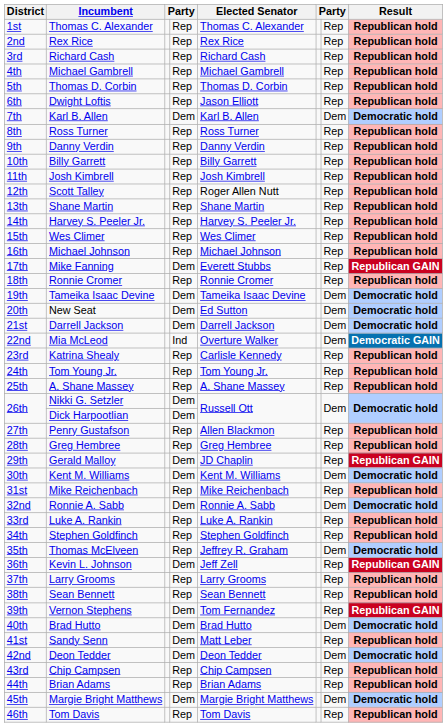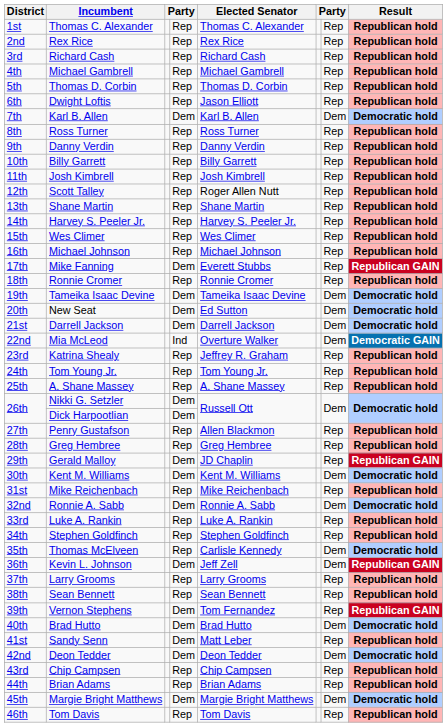 <table class="sortable wikitable" style="font-size:95%;line-height:14px;">
 <tr>
 <th class="unsortable">District</th>
 <th class="unsortable"><a href='#'>Incumbent</a></th>
 <th colspan="2">Party</th>
 <th class="unsortable">Elected Senator</th>
 <th colspan="2">Party</th>
 <th class="unsortable">Result</th>
 </tr>
 <tr>
 <td><a href='#'>1st</a></td>
 <td><a href='#'>Thomas C. Alexander</a></td>
 <td style="background:"></td>
 <td>Rep</td>
 <td><a href='#'>Thomas C. Alexander</a></td>
 <td style="background:"></td>
 <td>Rep</td>
 <td style="text-align:center; background:#FFB6B6"><strong>Republican hold</strong></td>
 </tr>
 <tr>
 <td><a href='#'>2nd</a></td>
 <td><a href='#'>Rex Rice</a></td>
 <td style="background:"></td>
 <td>Rep</td>
 <td><a href='#'>Rex Rice</a></td>
 <td style="background:"></td>
 <td>Rep</td>
 <td style="text-align:center; background:#FFB6B6"><strong>Republican hold</strong></td>
 </tr>
 <tr>
 <td><a href='#'>3rd</a></td>
 <td><a href='#'>Richard Cash</a></td>
 <td style="background:"></td>
 <td>Rep</td>
 <td><a href='#'>Richard Cash</a></td>
 <td style="background:"></td>
 <td>Rep</td>
 <td style="text-align:center; background:#FFB6B6"><strong>Republican hold</strong></td>
 </tr>
 <tr>
 <td><a href='#'>4th</a></td>
 <td><a href='#'>Michael Gambrell</a></td>
 <td style="background:"></td>
 <td>Rep</td>
 <td><a href='#'>Michael Gambrell</a></td>
 <td style="background:"></td>
 <td>Rep</td>
 <td style="text-align:center; background:#FFB6B6"><strong>Republican hold</strong></td>
 </tr>
 <tr>
 <td><a href='#'>5th</a></td>
 <td><a href='#'>Thomas D. Corbin</a></td>
 <td style="background:"></td>
 <td>Rep</td>
 <td><a href='#'>Thomas D. Corbin</a></td>
 <td style="background:"></td>
 <td>Rep</td>
 <td style="text-align:center; background:#FFB6B6"><strong>Republican hold</strong></td>
 </tr>
 <tr>
 <td><a href='#'>6th</a></td>
 <td><a href='#'>Dwight Loftis</a></td>
 <td style="background:"></td>
 <td>Rep</td>
 <td><a href='#'>Jason Elliott</a></td>
 <td style="background:"></td>
 <td>Rep</td>
 <td style="text-align:center; background:#FFB6B6"><strong>Republican hold</strong></td>
 </tr>
 <tr>
 <td><a href='#'>7th</a></td>
 <td><a href='#'>Karl B. Allen</a></td>
 <td style="background:"></td>
 <td>Dem</td>
 <td><a href='#'>Karl B. Allen</a></td>
 <td style="background:"></td>
 <td>Dem</td>
 <td style="text-align:center; background:#B0CEFF"><strong>Democratic hold</strong></td>
 </tr>
 <tr>
 <td><a href='#'>8th</a></td>
 <td><a href='#'>Ross Turner</a></td>
 <td style="background:"></td>
 <td>Rep</td>
 <td><a href='#'>Ross Turner</a></td>
 <td style="background:"></td>
 <td>Rep</td>
 <td style="text-align:center; background:#FFB6B6"><strong>Republican hold</strong></td>
 </tr>
 <tr>
 <td><a href='#'>9th</a></td>
 <td><a href='#'>Danny Verdin</a></td>
 <td style="background:"></td>
 <td>Rep</td>
 <td><a href='#'>Danny Verdin</a></td>
 <td style="background:"></td>
 <td>Rep</td>
 <td style="text-align:center; background:#FFB6B6"><strong>Republican hold</strong></td>
 </tr>
 <tr>
 <td><a href='#'>10th</a></td>
 <td><a href='#'>Billy Garrett</a></td>
 <td style="background:"></td>
 <td>Rep</td>
 <td><a href='#'>Billy Garrett</a></td>
 <td style="background:"></td>
 <td>Rep</td>
 <td style="text-align:center; background:#FFB6B6"><strong>Republican hold</strong></td>
 </tr>
 <tr>
 <td><a href='#'>11th</a></td>
 <td><a href='#'>Josh Kimbrell</a></td>
 <td style="background:"></td>
 <td>Rep</td>
 <td><a href='#'>Josh Kimbrell</a></td>
 <td style="background:"></td>
 <td>Rep</td>
 <td style="text-align:center; background:#FFB6B6"><strong>Republican hold</strong></td>
 </tr>
 <tr>
 <td><a href='#'>12th</a></td>
 <td><a href='#'>Scott Talley</a></td>
 <td style="background:"></td>
 <td>Rep</td>
 <td>Roger Allen Nutt</td>
 <td style="background:"></td>
 <td>Rep</td>
 <td style="text-align:center; background:#FFB6B6"><strong>Republican hold</strong></td>
 </tr>
 <tr>
 <td><a href='#'>13th</a></td>
 <td><a href='#'>Shane Martin</a></td>
 <td style="background:"></td>
 <td>Rep</td>
 <td><a href='#'>Shane Martin</a></td>
 <td style="background:"></td>
 <td>Rep</td>
 <td style="text-align:center; background:#FFB6B6"><strong>Republican hold</strong></td>
 </tr>
 <tr>
 <td><a href='#'>14th</a></td>
 <td><a href='#'>Harvey S. Peeler Jr.</a></td>
 <td style="background:"></td>
 <td>Rep</td>
 <td><a href='#'>Harvey S. Peeler Jr.</a></td>
 <td style="background:"></td>
 <td>Rep</td>
 <td style="text-align:center; background:#FFB6B6"><strong>Republican hold</strong></td>
 </tr>
 <tr>
 <td><a href='#'>15th</a></td>
 <td><a href='#'>Wes Climer</a></td>
 <td style="background:"></td>
 <td>Rep</td>
 <td><a href='#'>Wes Climer</a></td>
 <td style="background:"></td>
 <td>Rep</td>
 <td style="text-align:center; background:#FFB6B6"><strong>Republican hold</strong></td>
 </tr>
 <tr>
 <td><a href='#'>16th</a></td>
 <td><a href='#'>Michael Johnson</a></td>
 <td style="background:"></td>
 <td>Rep</td>
 <td><a href='#'>Michael Johnson</a></td>
 <td style="background:"></td>
 <td>Rep</td>
 <td style="text-align:center; background:#FFB6B6"><strong>Republican hold</strong></td>
 </tr>
 <tr>
 <td><a href='#'>17th</a></td>
 <td><a href='#'>Mike Fanning</a></td>
 <td style="background:"></td>
 <td>Dem</td>
 <td><a href='#'>Everett Stubbs</a></td>
 <td style="background:"></td>
 <td>Rep</td>
 <td style="text-align:center; background:#CA0120; color:white"><strong>Republican GAIN</strong></td>
 </tr>
 <tr>
 <td><a href='#'>18th</a></td>
 <td><a href='#'>Ronnie Cromer</a></td>
 <td style="background:"></td>
 <td>Rep</td>
 <td><a href='#'>Ronnie Cromer</a></td>
 <td style="background:"></td>
 <td>Rep</td>
 <td style="text-align:center; background:#FFB6B6"><strong>Republican hold</strong></td>
 </tr>
 <tr>
 <td><a href='#'>19th</a></td>
 <td><a href='#'>Tameika Isaac Devine</a></td>
 <td style="background:"></td>
 <td>Dem</td>
 <td><a href='#'>Tameika Isaac Devine</a></td>
 <td style="background:"></td>
 <td>Dem</td>
 <td style="text-align:center; background:#B0CEFF"><strong>Democratic hold</strong></td>
 </tr>
 <tr>
 <td><a href='#'>20th</a></td>
 <td>New Seat</td>
 <td style="background:"></td>
 <td>Dem</td>
 <td><a href='#'>Ed Sutton</a></td>
 <td style="background:"></td>
 <td>Dem</td>
 <td style="text-align:center; background:#B0CEFF"><strong>Democratic hold</strong></td>
 </tr>
 <tr>
 <td><a href='#'>21st</a></td>
 <td><a href='#'>Darrell Jackson</a></td>
 <td style="background:"></td>
 <td>Dem</td>
 <td><a href='#'>Darrell Jackson</a></td>
 <td style="background:"></td>
 <td>Dem</td>
 <td style="text-align:center; background:#B0CEFF"><strong>Democratic hold</strong></td>
 </tr>
 <tr>
 <td><a href='#'>22nd</a></td>
 <td><a href='#'>Mia McLeod</a></td>
 <td style="background:"></td>
 <td>Ind</td>
 <td><a href='#'>Overture Walker</a></td>
 <td style="background:"></td>
 <td>Dem</td>
 <td style="text-align:center; background:#0671B0; color:white"><strong>Democratic GAIN</strong></td>
 </tr>
 <tr>
 <td><a href='#'>23rd</a></td>
 <td><a href='#'>Katrina Shealy</a></td>
 <td style="background:"></td>
 <td>Rep</td>
-<td><a href='#'>Carlisle Kennedy</a> </td>
+<td><a href='#'>Jeffrey R. Graham</a></td>
 <td style="background:"></td>
 <td>Rep</td>
 <td style="text-align:center; background:#FFB6B6"><strong>Republican hold</strong></td>
 </tr>
 <tr>
 <td><a href='#'>24th</a></td>
 <td><a href='#'>Tom Young Jr.</a></td>
 <td style="background:"></td>
 <td>Rep</td>
 <td><a href='#'>Tom Young Jr.</a></td>
 <td style="background:"></td>
 <td>Rep</td>
 <td style="text-align:center; background:#FFB6B6"><strong>Republican hold</strong></td>
 </tr>
 <tr>
 <td><a href='#'>25th</a></td>
 <td><a href='#'>A. Shane Massey</a></td>
 <td style="background:"></td>
 <td>Rep</td>
 <td><a href='#'>A. Shane Massey</a></td>
 <td style="background:"></td>
 <td>Rep</td>
 <td style="text-align:center; background:#FFB6B6"><strong>Republican hold</strong></td>
 </tr>
 <tr>
 <td rowspan="2"><a href='#'>26th</a></td>
 <td><a href='#'>Nikki G. Setzler</a></td>
 <td style="background:"></td>
 <td>Dem</td>
 <td rowspan="2"><a href='#'>Russell Ott</a></td>
 <td rowspan="2" style="background:"></td>
 <td rowspan="2">Dem</td>
 <td rowspan="2" style="text-align:center; background:#B0CEFF"><strong>Democratic hold</strong></td>
 </tr>
 <tr>
 <td><a href='#'>Dick Harpootlian</a> </td>
 <td style="background:"></td>
 <td>Dem</td>
 </tr>
 <tr>
 <td><a href='#'>27th</a></td>
 <td><a href='#'>Penry Gustafson</a></td>
 <td style="background:"></td>
 <td>Rep</td>
 <td><a href='#'>Allen Blackmon</a></td>
 <td style="background:"></td>
 <td>Rep</td>
 <td style="text-align:center; background:#FFB6B6"><strong>Republican hold</strong></td>
 </tr>
 <tr>
 <td><a href='#'>28th</a></td>
 <td><a href='#'>Greg Hembree</a></td>
 <td style="background:"></td>
 <td>Rep</td>
 <td><a href='#'>Greg Hembree</a></td>
 <td style="background:"></td>
 <td>Rep</td>
 <td style="text-align:center; background:#FFB6B6"><strong>Republican hold</strong></td>
 </tr>
 <tr>
 <td><a href='#'>29th</a></td>
 <td><a href='#'>Gerald Malloy</a></td>
 <td style="background:"></td>
 <td>Dem</td>
 <td><a href='#'>JD Chaplin</a></td>
 <td style="background:"></td>
 <td>Rep</td>
 <td style="text-align:center; background:#CA0120; color:white"><strong>Republican GAIN</strong></td>
 </tr>
 <tr>
 <td><a href='#'>30th</a></td>
 <td><a href='#'>Kent M. Williams</a></td>
 <td style="background:"></td>
 <td>Dem</td>
 <td><a href='#'>Kent M. Williams</a></td>
 <td style="background:"></td>
 <td>Dem</td>
 <td style="text-align:center; background:#B0CEFF"><strong>Democratic hold</strong></td>
 </tr>
 <tr>
 <td><a href='#'>31st</a></td>
 <td><a href='#'>Mike Reichenbach</a></td>
 <td style="background:"></td>
 <td>Rep</td>
 <td><a href='#'>Mike Reichenbach</a></td>
 <td style="background:"></td>
 <td>Rep</td>
 <td style="text-align:center; background:#FFB6B6"><strong>Republican hold</strong></td>
 </tr>
 <tr>
 <td><a href='#'>32nd</a></td>
 <td><a href='#'>Ronnie A. Sabb</a></td>
 <td style="background:"></td>
 <td>Dem</td>
 <td><a href='#'>Ronnie A. Sabb</a></td>
 <td style="background:"></td>
 <td>Dem</td>
 <td style="text-align:center; background:#B0CEFF"><strong>Democratic hold</strong></td>
 </tr>
 <tr>
 <td><a href='#'>33rd</a></td>
 <td><a href='#'>Luke A. Rankin</a></td>
 <td style="background:"></td>
 <td>Rep</td>
 <td><a href='#'>Luke A. Rankin</a></td>
 <td style="background:"></td>
 <td>Rep</td>
 <td style="text-align:center; background:#FFB6B6"><strong>Republican hold</strong></td>
 </tr>
 <tr>
 <td><a href='#'>34th</a></td>
 <td><a href='#'>Stephen Goldfinch</a></td>
 <td style="background:"></td>
 <td>Rep</td>
 <td><a href='#'>Stephen Goldfinch</a></td>
 <td style="background:"></td>
 <td>Rep</td>
 <td style="text-align:center; background:#FFB6B6"><strong>Republican hold</strong></td>
 </tr>
 <tr>
 <td><a href='#'>35th</a></td>
 <td><a href='#'>Thomas McElveen</a></td>
 <td style="background:"></td>
 <td>Rep</td>
-<td><a href='#'>Jeffrey R. Graham</a></td>
+<td><a href='#'>Carlisle Kennedy</a> </td>
 <td style="background:"></td>
 <td>Dem</td>
 <td style="text-align:center; background:#B0CEFF"><strong>Democratic hold</strong></td>
 </tr>
 <tr>
 <td><a href='#'>36th</a></td>
 <td><a href='#'>Kevin L. Johnson</a></td>
 <td style="background:"></td>
 <td>Dem</td>
 <td><a href='#'>Jeff Zell</a></td>
 <td style="background:"></td>
-<td>Rep</td>
+<td>Dem</td>
 <td style="text-align:center; background:#CA0120; color:white"><strong>Republican GAIN</strong></td>
 </tr>
 <tr>
 <td><a href='#'>37th</a></td>
 <td><a href='#'>Larry Grooms</a></td>
 <td style="background:"></td>
 <td>Rep</td>
 <td><a href='#'>Larry Grooms</a></td>
 <td style="background:"></td>
 <td>Rep</td>
 <td style="text-align:center; background:#FFB6B6"><strong>Republican hold</strong></td>
 </tr>
 <tr>
 <td><a href='#'>38th</a></td>
 <td><a href='#'>Sean Bennett</a></td>
 <td style="background:"></td>
 <td>Rep</td>
 <td><a href='#'>Sean Bennett</a></td>
 <td style="background:"></td>
 <td>Rep</td>
 <td style="text-align:center; background:#FFB6B6"><strong>Republican hold</strong></td>
 </tr>
 <tr>
 <td><a href='#'>39th</a></td>
 <td><a href='#'>Vernon Stephens</a></td>
 <td style="background:"></td>
 <td>Dem</td>
 <td><a href='#'>Tom Fernandez</a></td>
 <td style="background:"></td>
 <td>Rep</td>
 <td style="text-align:center; background:#CA0120; color:white"><strong>Republican GAIN</strong></td>
 </tr>
 <tr>
 <td><a href='#'>40th</a></td>
 <td><a href='#'>Brad Hutto</a></td>
 <td style="background:"></td>
 <td>Dem</td>
 <td><a href='#'>Brad Hutto</a></td>
 <td style="background:"></td>
 <td>Dem</td>
 <td style="text-align:center; background:#B0CEFF"><strong>Democratic hold</strong></td>
 </tr>
 <tr>
 <td><a href='#'>41st</a></td>
 <td><a href='#'>Sandy Senn</a></td>
 <td style="background:"></td>
 <td>Dem</td>
 <td><a href='#'>Matt Leber</a></td>
 <td style="background:"></td>
 <td>Rep</td>
 <td style="text-align:center; background:#FFB6B6"><strong>Republican hold</strong></td>
 </tr>
 <tr>
 <td><a href='#'>42nd</a></td>
 <td><a href='#'>Deon Tedder</a></td>
 <td style="background:"></td>
 <td>Dem</td>
 <td><a href='#'>Deon Tedder</a></td>
 <td style="background:"></td>
 <td>Dem</td>
 <td style="text-align:center; background:#B0CEFF"><strong>Democratic hold</strong></td>
 </tr>
 <tr>
 <td><a href='#'>43rd</a></td>
 <td><a href='#'>Chip Campsen</a></td>
 <td style="background:"></td>
 <td>Rep</td>
 <td><a href='#'>Chip Campsen</a></td>
 <td style="background:"></td>
 <td>Rep</td>
 <td style="text-align:center; background:#FFB6B6"><strong>Republican hold</strong></td>
 </tr>
 <tr>
 <td><a href='#'>44th</a></td>
 <td><a href='#'>Brian Adams</a></td>
 <td style="background:"></td>
 <td>Rep</td>
 <td><a href='#'>Brian Adams</a></td>
 <td style="background:"></td>
 <td>Rep</td>
 <td style="text-align:center; background:#FFB6B6"><strong>Republican hold</strong></td>
 </tr>
 <tr>
 <td><a href='#'>45th</a></td>
 <td><a href='#'>Margie Bright Matthews</a></td>
 <td style="background:"></td>
 <td>Dem</td>
 <td><a href='#'>Margie Bright Matthews</a></td>
 <td style="background:"></td>
 <td>Dem</td>
 <td style="text-align:center; background:#B0CEFF"><strong>Democratic hold</strong></td>
 </tr>
 <tr>
 <td><a href='#'>46th</a></td>
 <td><a href='#'>Tom Davis</a></td>
 <td style="background:"></td>
 <td>Rep</td>
 <td><a href='#'>Tom Davis</a></td>
 <td style="background:"></td>
 <td>Rep</td>
 <td style="text-align:center; background:#FFB6B6"><strong>Republican hold</strong></td>
 </tr>
 </table>
